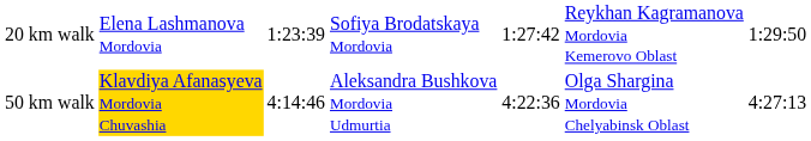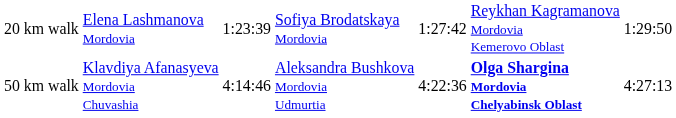 <table>
 <tr>
 <td>20 km walk</td>
 <td><a href='#'>Elena Lashmanova</a> <br> <small><a href='#'>Mordovia</a></small></td>
 <td>1:23:39</td>
 <td><a href='#'>Sofiya Brodatskaya</a> <br> <small><a href='#'>Mordovia</a></small></td>
 <td>1:27:42</td>
 <td><a href='#'>Reykhan Kagramanova</a> <br> <small><a href='#'>Mordovia</a></small> <br> <small><a href='#'>Kemerovo Oblast</a></small></td>
 <td>1:29:50</td>
 </tr>
 <tr>
 <td>50 km walk</td>
-<td style="background: gold;"><a href='#'>Klavdiya Afanasyeva</a> <br> <small><a href='#'>Mordovia</a></small> <br> <small><a href='#'>Chuvashia</a></small></td>
+<td><a href='#'>Klavdiya Afanasyeva</a> <br> <small><a href='#'>Mordovia</a></small> <br> <small><a href='#'>Chuvashia</a></small></td>
 <td>4:14:46</td>
 <td><a href='#'>Aleksandra Bushkova</a> <br> <small><a href='#'>Mordovia</a></small> <br> <small><a href='#'>Udmurtia</a></small></td>
 <td>4:22:36</td>
-<td><a href='#'>Olga Shargina</a> <br> <small><a href='#'>Mordovia</a></small> <br> <small><a href='#'>Chelyabinsk Oblast</a></small></td>
+<td><strong><a href='#'>Olga Shargina</a> <br> <small><a href='#'>Mordovia</a></small> <br> <small><a href='#'>Chelyabinsk Oblast</a></small></strong></td>
 <td>4:27:13</td>
 </tr>
 </table>
